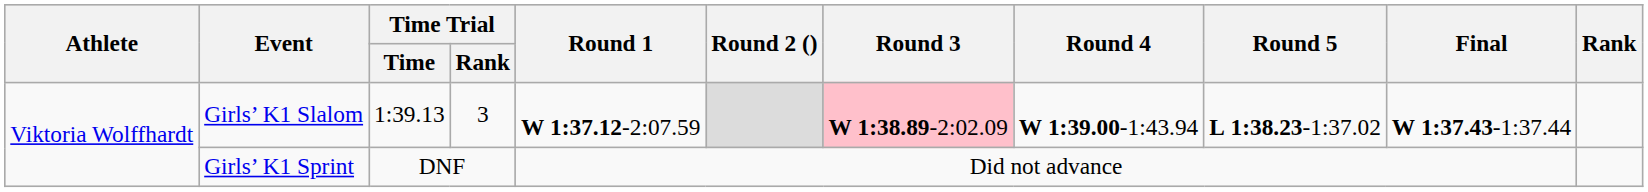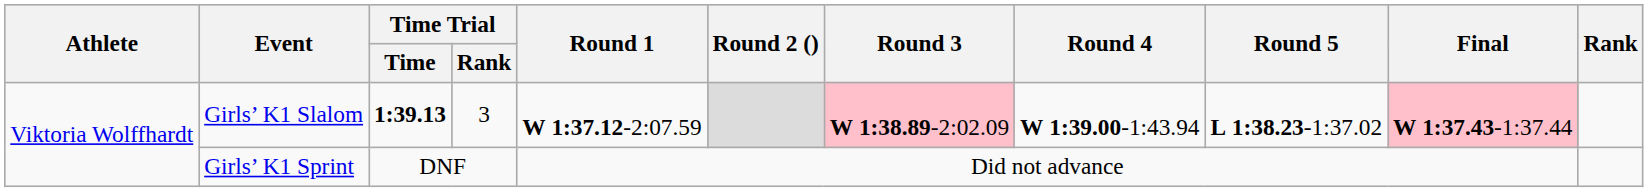 <table class="wikitable" border="1" style="font-size:90%">
 <tr>
 <th rowspan=2>Athlete</th>
 <th rowspan=2>Event</th>
 <th colspan=2>Time Trial</th>
 <th rowspan=2>Round 1</th>
 <th rowspan=2>Round 2 ()</th>
 <th rowspan=2>Round 3</th>
 <th rowspan=2>Round 4</th>
 <th rowspan=2>Round 5</th>
 <th rowspan=2>Final</th>
 <th rowspan=2>Rank</th>
 </tr>
 <tr>
 <th>Time</th>
 <th>Rank</th>
 </tr>
 <tr>
 <td rowspan=2><a href='#'>Viktoria Wolffhardt</a></td>
 <td><a href='#'>Girls’ K1 Slalom</a></td>
-<td align=center>1:39.13</td>
+<td align=center><strong>1:39.13</strong></td>
 <td align=center>3</td>
 <td align=center><br><strong>W</strong> <strong>1:37.12</strong>-2:07.59</td>
 <td bgcolor=#DCDCDC></td>
 <td align=center style="background: pink;"><br><strong>W</strong> <strong>1:38.89</strong>-2:02.09</td>
 <td align=center><br><strong>W</strong> <strong>1:39.00</strong>-1:43.94</td>
 <td align=center><br><strong>L</strong> <strong>1:38.23</strong>-1:37.02</td>
-<td align=center><br><strong>W</strong> <strong>1:37.43</strong>-1:37.44</td>
+<td align=center style="background: pink;"><br><strong>W</strong> <strong>1:37.43</strong>-1:37.44</td>
 <td align=center></td>
 </tr>
 <tr>
 <td><a href='#'>Girls’ K1 Sprint</a></td>
 <td align=center colspan=2>DNF</td>
 <td align=center colspan=6>Did not advance</td>
 </tr>
 </table>
